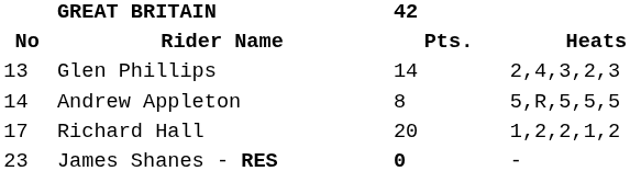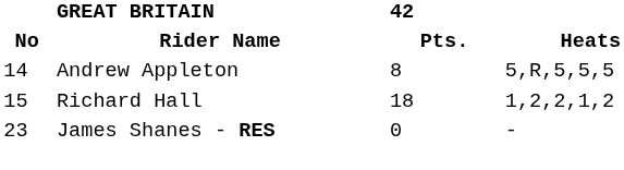 <table class="toccolours">
 <tr>
 <td></td>
 <td><strong>GREAT BRITAIN</strong></td>
 <td><strong>42</strong></td>
 </tr>
 <tr style="background-color:">
 <th width=30px>No</th>
 <th width=210px>Rider Name</th>
 <th width=70px>Pts.</th>
 <th width=110px>Heats</th>
 </tr>
 <tr style="background-color:">
-<td>13</td>
-<td>Glen Phillips</td>
-<td>14</td>
-<td>2,4,3,2,3</td>
-</tr>
-<tr style="background-color:">
 <td>14</td>
 <td>Andrew Appleton</td>
 <td>8</td>
 <td>5,R,5,5,5</td>
 </tr>
 <tr style="background-color:">
-<td>17</td>
+<td>15</td>
 <td>Richard Hall</td>
-<td>20</td>
+<td>18</td>
 <td>1,2,2,1,2</td>
 </tr>
 <tr style="background-color:">
 <td>23</td>
 <td>James Shanes - <strong>RES</strong></td>
-<td><strong>0</strong></td>
+<td>0</td>
 <td>-</td>
 </tr>
 </table>
